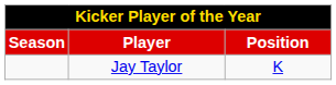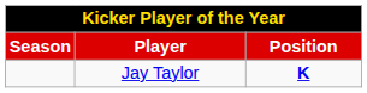 <table class="wikitable sortable" style="text-align:center">
 <tr>
 <td colspan="4" style="background:black; color:#FFDF00;"><strong>Kicker Player of the Year</strong></td>
 </tr>
 <tr>
 <th style="width:50px; background:#d00; color:white;">Season</th>
 <th style="width:150px; background:#d00; color:white;">Player</th>
 <th style="width:100px; background:#d00; color:white;">Position</th>
 </tr>
 <tr>
 <td></td>
 <td><a href='#'>Jay Taylor</a></td>
-<td><a href='#'>K</a></td>
+<td><strong><a href='#'>K</a></strong></td>
 </tr>
 </table>
